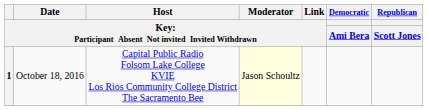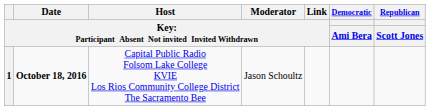 <table class="wikitable" style="text-align:center;">
 <tr>
 <th scope="col"></th>
 <th scope="col">Date</th>
 <th scope="col">Host</th>
 <th scope="col">Moderator</th>
 <th scope="col">Link</th>
 <th scope="col"><small><a href='#'>Democratic</a></small></th>
 <th scope="col"><small><a href='#'>Republican</a></small></th>
 </tr>
 <tr>
 <th colspan="5" rowspan="2">Key:<br> <small>Participant </small>  <small>Absent </small>  <small>Not invited </small>  <small>Invited  Withdrawn</small></th>
 <th scope="col" style="background:"></th>
 <th scope="col" style="background:"></th>
 </tr>
 <tr>
 <th scope="col"><a href='#'>Ami Bera</a></th>
 <th scope="col"><a href='#'>Scott Jones</a></th>
 </tr>
 <tr>
 <th>1</th>
-<td style="white-space:nowrap;">October 18, 2016</td>
+<td style="white-space:nowrap;"><strong>October 18, 2016</strong></td>
 <td style="white-space:nowrap;"><a href='#'>Capital Public Radio</a><br><a href='#'>Folsom Lake College</a><br><a href='#'>KVIE</a><br><a href='#'>Los Rios Community College District</a><br><a href='#'>The Sacramento Bee</a></td>
-<td style="background: lightyellow; white-space:nowrap;">Jason Schoultz</td>
+<td style="white-space:nowrap;">Jason Schoultz</td>
 <td style="white-space:nowrap;"></td>
 <td></td>
 <td></td>
 </tr>
 </table>
